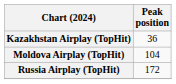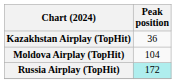 <table class="wikitable sortable plainrowheaders" style="text-align:center">
 <tr>
 <th scope="col">Chart (2024)</th>
 <th scope="col">Peak<br>position</th>
 </tr>
 <tr>
 <th scope="row">Kazakhstan Airplay (TopHit)</th>
 <td>36</td>
 </tr>
 <tr>
 <th scope="row">Moldova Airplay (TopHit)</th>
 <td>104</td>
 </tr>
 <tr>
 <th scope="row">Russia Airplay (TopHit)</th>
-<td>172</td>
+<td style="background: paleturquoise;">172</td>
 </tr>
 <tr>
 </tr>
 </table>
